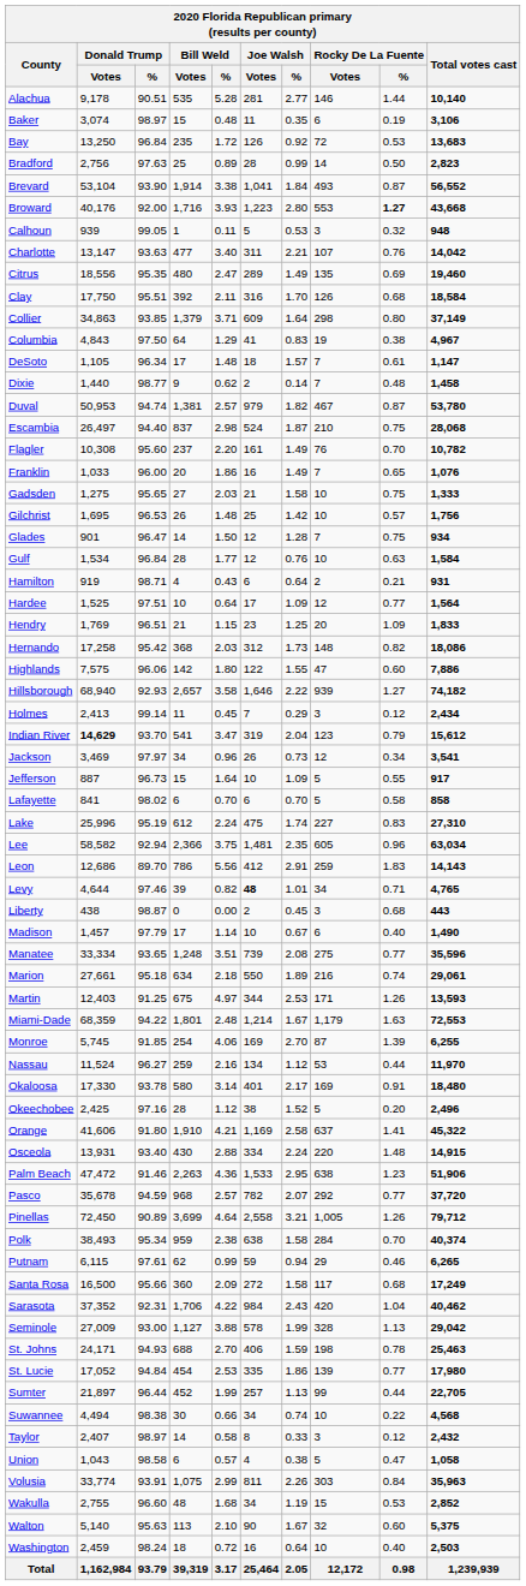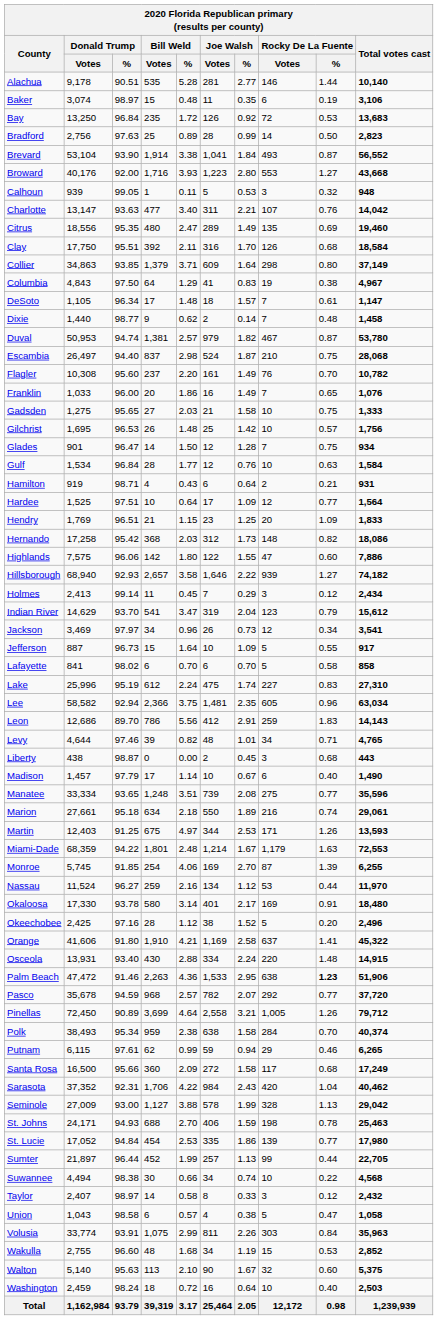 <table class="wikitable sortable mw-collapsible mw-collapsed">
 <tr>
 <th colspan="10"><small>2020 Florida Republican primary</small><br><small>(results per county)</small></th>
 </tr>
 <tr>
 <th rowspan="2"><small>County</small></th>
 <th colspan="2"><small>Donald Trump</small></th>
 <th colspan="2"><small>Bill Weld</small></th>
 <th colspan="2"><small>Joe Walsh</small></th>
 <th colspan="2"><small>Rocky De La Fuente</small></th>
 <th rowspan="2"><small>Total votes cast</small></th>
 </tr>
 <tr>
 <th><small>Votes</small></th>
 <th><small>%</small></th>
 <th><small>Votes</small></th>
 <th><small>%</small></th>
 <th><small>Votes</small></th>
 <th><small>%</small></th>
 <th><small>Votes</small></th>
 <th><small>%</small></th>
 </tr>
 <tr>
 <td><a href='#'><small>Alachua</small></a></td>
 <td><small>9,178</small></td>
 <td><small>90.51</small></td>
 <td><small>535</small></td>
 <td><small>5.28</small></td>
 <td><small>281</small></td>
 <td><small>2.77</small></td>
 <td><small>146</small></td>
 <td><small>1.44</small></td>
 <td><strong><small>10,140</small></strong></td>
 </tr>
 <tr>
 <td><a href='#'><small>Baker</small></a></td>
 <td><small>3,074</small></td>
 <td><small>98.97</small></td>
 <td><small>15</small></td>
 <td><small>0.48</small></td>
 <td><small>11</small></td>
 <td><small>0.35</small></td>
 <td><small>6</small></td>
 <td><small>0.19</small></td>
 <td><strong><small>3,106</small></strong></td>
 </tr>
 <tr>
 <td><a href='#'><small>Bay</small></a></td>
 <td><small>13,250</small></td>
 <td><small>96.84</small></td>
 <td><small>235</small></td>
 <td><small>1.72</small></td>
 <td><small>126</small></td>
 <td><small>0.92</small></td>
 <td><small>72</small></td>
 <td><small>0.53</small></td>
 <td><strong><small>13,683</small></strong></td>
 </tr>
 <tr>
 <td><a href='#'><small>Bradford</small></a></td>
 <td><small>2,756</small></td>
 <td><small>97.63</small></td>
 <td><small>25</small></td>
 <td><small>0.89</small></td>
 <td><small>28</small></td>
 <td><small>0.99</small></td>
 <td><small>14</small></td>
 <td><small>0.50</small></td>
 <td><strong><small>2,823</small></strong></td>
 </tr>
 <tr>
 <td><a href='#'><small>Brevard</small></a></td>
 <td><small>53,104</small></td>
 <td><small>93.90</small></td>
 <td><small>1,914</small></td>
 <td><small>3.38</small></td>
 <td><small>1,041</small></td>
 <td><small>1.84</small></td>
 <td><small>493</small></td>
 <td><small>0.87</small></td>
 <td><strong><small>56,552</small></strong></td>
 </tr>
 <tr>
 <td><a href='#'><small>Broward</small></a></td>
 <td><small>40,176</small></td>
 <td><small>92.00</small></td>
 <td><small>1,716</small></td>
 <td><small>3.93</small></td>
 <td><small>1,223</small></td>
 <td><small>2.80</small></td>
 <td><small>553</small></td>
-<td><strong><small>1.27</small></strong></td>
+<td><small>1.27</small></td>
 <td><strong><small>43,668</small></strong></td>
 </tr>
 <tr>
 <td><a href='#'><small>Calhoun</small></a></td>
 <td><small>939</small></td>
 <td><small>99.05</small></td>
 <td><small>1</small></td>
 <td><small>0.11</small></td>
 <td><small>5</small></td>
 <td><small>0.53</small></td>
 <td><small>3</small></td>
 <td><small>0.32</small></td>
 <td><strong><small>948</small></strong></td>
 </tr>
 <tr>
 <td><a href='#'><small>Charlotte</small></a></td>
 <td><small>13,147</small></td>
 <td><small>93.63</small></td>
 <td><small>477</small></td>
 <td><small>3.40</small></td>
 <td><small>311</small></td>
 <td><small>2.21</small></td>
 <td><small>107</small></td>
 <td><small>0.76</small></td>
 <td><strong><small>14,042</small></strong></td>
 </tr>
 <tr>
 <td><a href='#'><small>Citrus</small></a></td>
 <td><small>18,556</small></td>
 <td><small>95.35</small></td>
 <td><small>480</small></td>
 <td><small>2.47</small></td>
 <td><small>289</small></td>
 <td><small>1.49</small></td>
 <td><small>135</small></td>
 <td><small>0.69</small></td>
 <td><strong><small>19,460</small></strong></td>
 </tr>
 <tr>
 <td><a href='#'><small>Clay</small></a></td>
 <td><small>17,750</small></td>
 <td><small>95.51</small></td>
 <td><small>392</small></td>
 <td><small>2.11</small></td>
 <td><small>316</small></td>
 <td><small>1.70</small></td>
 <td><small>126</small></td>
 <td><small>0.68</small></td>
 <td><strong><small>18,584</small></strong></td>
 </tr>
 <tr>
 <td><a href='#'><small>Collier</small></a></td>
 <td><small>34,863</small></td>
 <td><small>93.85</small></td>
 <td><small>1,379</small></td>
 <td><small>3.71</small></td>
 <td><small>609</small></td>
 <td><small>1.64</small></td>
 <td><small>298</small></td>
 <td><small>0.80</small></td>
 <td><strong><small>37,149</small></strong></td>
 </tr>
 <tr>
 <td><a href='#'><small>Columbia</small></a></td>
 <td><small>4,843</small></td>
 <td><small>97.50</small></td>
 <td><small>64</small></td>
 <td><small>1.29</small></td>
 <td><small>41</small></td>
 <td><small>0.83</small></td>
 <td><small>19</small></td>
 <td><small>0.38</small></td>
 <td><strong><small>4,967</small></strong></td>
 </tr>
 <tr>
 <td><a href='#'><small>DeSoto</small></a></td>
 <td><small>1,105</small></td>
 <td><small>96.34</small></td>
 <td><small>17</small></td>
 <td><small>1.48</small></td>
 <td><small>18</small></td>
 <td><small>1.57</small></td>
 <td><small>7</small></td>
 <td><small>0.61</small></td>
 <td><strong><small>1,147</small></strong></td>
 </tr>
 <tr>
 <td><a href='#'><small>Dixie</small></a></td>
 <td><small>1,440</small></td>
 <td><small>98.77</small></td>
 <td><small>9</small></td>
 <td><small>0.62</small></td>
 <td><small>2</small></td>
 <td><small>0.14</small></td>
 <td><small>7</small></td>
 <td><small>0.48</small></td>
 <td><strong><small>1,458</small></strong></td>
 </tr>
 <tr>
 <td><a href='#'><small>Duval</small></a></td>
 <td><small>50,953</small></td>
 <td><small>94.74</small></td>
 <td><small>1,381</small></td>
 <td><small>2.57</small></td>
 <td><small>979</small></td>
 <td><small>1.82</small></td>
 <td><small>467</small></td>
 <td><small>0.87</small></td>
 <td><strong><small>53,780</small></strong></td>
 </tr>
 <tr>
 <td><a href='#'><small>Escambia</small></a></td>
 <td><small>26,497</small></td>
 <td><small>94.40</small></td>
 <td><small>837</small></td>
 <td><small>2.98</small></td>
 <td><small>524</small></td>
 <td><small>1.87</small></td>
 <td><small>210</small></td>
 <td><small>0.75</small></td>
 <td><strong><small>28,068</small></strong></td>
 </tr>
 <tr>
 <td><a href='#'><small>Flagler</small></a></td>
 <td><small>10,308</small></td>
 <td><small>95.60</small></td>
 <td><small>237</small></td>
 <td><small>2.20</small></td>
 <td><small>161</small></td>
 <td><small>1.49</small></td>
 <td><small>76</small></td>
 <td><small>0.70</small></td>
 <td><strong><small>10,782</small></strong></td>
 </tr>
 <tr>
 <td><a href='#'><small>Franklin</small></a></td>
 <td><small>1,033</small></td>
 <td><small>96.00</small></td>
 <td><small>20</small></td>
 <td><small>1.86</small></td>
 <td><small>16</small></td>
 <td><small>1.49</small></td>
 <td><small>7</small></td>
 <td><small>0.65</small></td>
 <td><strong><small>1,076</small></strong></td>
 </tr>
 <tr>
 <td><a href='#'><small>Gadsden</small></a></td>
 <td><small>1,275</small></td>
 <td><small>95.65</small></td>
 <td><small>27</small></td>
 <td><small>2.03</small></td>
 <td><small>21</small></td>
 <td><small>1.58</small></td>
 <td><small>10</small></td>
 <td><small>0.75</small></td>
 <td><strong><small>1,333</small></strong></td>
 </tr>
 <tr>
 <td><a href='#'><small>Gilchrist</small></a></td>
 <td><small>1,695</small></td>
 <td><small>96.53</small></td>
 <td><small>26</small></td>
 <td><small>1.48</small></td>
 <td><small>25</small></td>
 <td><small>1.42</small></td>
 <td><small>10</small></td>
 <td><small>0.57</small></td>
 <td><strong><small>1,756</small></strong></td>
 </tr>
 <tr>
 <td><a href='#'><small>Glades</small></a></td>
 <td><small>901</small></td>
 <td><small>96.47</small></td>
 <td><small>14</small></td>
 <td><small>1.50</small></td>
 <td><small>12</small></td>
 <td><small>1.28</small></td>
 <td><small>7</small></td>
 <td><small>0.75</small></td>
 <td><strong><small>934</small></strong></td>
 </tr>
 <tr>
 <td><a href='#'><small>Gulf</small></a></td>
 <td><small>1,534</small></td>
 <td><small>96.84</small></td>
 <td><small>28</small></td>
 <td><small>1.77</small></td>
 <td><small>12</small></td>
 <td><small>0.76</small></td>
 <td><small>10</small></td>
 <td><small>0.63</small></td>
 <td><strong><small>1,584</small></strong></td>
 </tr>
 <tr>
 <td><a href='#'><small>Hamilton</small></a></td>
 <td><small>919</small></td>
 <td><small>98.71</small></td>
 <td><small>4</small></td>
 <td><small>0.43</small></td>
 <td><small>6</small></td>
 <td><small>0.64</small></td>
 <td><small>2</small></td>
 <td><small>0.21</small></td>
 <td><strong><small>931</small></strong></td>
 </tr>
 <tr>
 <td><a href='#'><small>Hardee</small></a></td>
 <td><small>1,525</small></td>
 <td><small>97.51</small></td>
 <td><small>10</small></td>
 <td><small>0.64</small></td>
 <td><small>17</small></td>
 <td><small>1.09</small></td>
 <td><small>12</small></td>
 <td><small>0.77</small></td>
 <td><strong><small>1,564</small></strong></td>
 </tr>
 <tr>
 <td><a href='#'><small>Hendry</small></a></td>
 <td><small>1,769</small></td>
 <td><small>96.51</small></td>
 <td><small>21</small></td>
 <td><small>1.15</small></td>
 <td><small>23</small></td>
 <td><small>1.25</small></td>
 <td><small>20</small></td>
 <td><small>1.09</small></td>
 <td><strong><small>1,833</small></strong></td>
 </tr>
 <tr>
 <td><a href='#'><small>Hernando</small></a></td>
 <td><small>17,258</small></td>
 <td><small>95.42</small></td>
 <td><small>368</small></td>
 <td><small>2.03</small></td>
 <td><small>312</small></td>
 <td><small>1.73</small></td>
 <td><small>148</small></td>
 <td><small>0.82</small></td>
 <td><strong><small>18,086</small></strong></td>
 </tr>
 <tr>
 <td><a href='#'><small>Highlands</small></a></td>
 <td><small>7,575</small></td>
 <td><small>96.06</small></td>
 <td><small>142</small></td>
 <td><small>1.80</small></td>
 <td><small>122</small></td>
 <td><small>1.55</small></td>
 <td><small>47</small></td>
 <td><small>0.60</small></td>
 <td><strong><small>7,886</small></strong></td>
 </tr>
 <tr>
 <td><a href='#'><small>Hillsborough</small></a></td>
 <td><small>68,940</small></td>
 <td><small>92.93</small></td>
 <td><small>2,657</small></td>
 <td><small>3.58</small></td>
 <td><small>1,646</small></td>
 <td><small>2.22</small></td>
 <td><small>939</small></td>
 <td><small>1.27</small></td>
 <td><strong><small>74,182</small></strong></td>
 </tr>
 <tr>
 <td><a href='#'><small>Holmes</small></a></td>
 <td><small>2,413</small></td>
 <td><small>99.14</small></td>
 <td><small>11</small></td>
 <td><small>0.45</small></td>
 <td><small>7</small></td>
 <td><small>0.29</small></td>
 <td><small>3</small></td>
 <td><small>0.12</small></td>
 <td><strong><small>2,434</small></strong></td>
 </tr>
 <tr>
 <td><a href='#'><small>Indian River</small></a></td>
-<td><strong><small>14,629</small></strong></td>
+<td><small>14,629</small></td>
 <td><small>93.70</small></td>
 <td><small>541</small></td>
 <td><small>3.47</small></td>
 <td><small>319</small></td>
 <td><small>2.04</small></td>
 <td><small>123</small></td>
 <td><small>0.79</small></td>
 <td><strong><small>15,612</small></strong></td>
 </tr>
 <tr>
 <td><a href='#'><small>Jackson</small></a></td>
 <td><small>3,469</small></td>
 <td><small>97.97</small></td>
 <td><small>34</small></td>
 <td><small>0.96</small></td>
 <td><small>26</small></td>
 <td><small>0.73</small></td>
 <td><small>12</small></td>
 <td><small>0.34</small></td>
 <td><strong><small>3,541</small></strong></td>
 </tr>
 <tr>
 <td><a href='#'><small>Jefferson</small></a></td>
 <td><small>887</small></td>
 <td><small>96.73</small></td>
 <td><small>15</small></td>
 <td><small>1.64</small></td>
 <td><small>10</small></td>
 <td><small>1.09</small></td>
 <td><small>5</small></td>
 <td><small>0.55</small></td>
 <td><strong><small>917</small></strong></td>
 </tr>
 <tr>
 <td><a href='#'><small>Lafayette</small></a></td>
 <td><small>841</small></td>
 <td><small>98.02</small></td>
 <td><small>6</small></td>
 <td><small>0.70</small></td>
 <td><small>6</small></td>
 <td><small>0.70</small></td>
 <td><small>5</small></td>
 <td><small>0.58</small></td>
 <td><strong><small>858</small></strong></td>
 </tr>
 <tr>
 <td><a href='#'><small>Lake</small></a></td>
 <td><small>25,996</small></td>
 <td><small>95.19</small></td>
 <td><small>612</small></td>
 <td><small>2.24</small></td>
 <td><small>475</small></td>
 <td><small>1.74</small></td>
 <td><small>227</small></td>
 <td><small>0.83</small></td>
 <td><strong><small>27,310</small></strong></td>
 </tr>
 <tr>
 <td><a href='#'><small>Lee</small></a></td>
 <td><small>58,582</small></td>
 <td><small>92.94</small></td>
 <td><small>2,366</small></td>
 <td><small>3.75</small></td>
 <td><small>1,481</small></td>
 <td><small>2.35</small></td>
 <td><small>605</small></td>
 <td><small>0.96</small></td>
 <td><strong><small>63,034</small></strong></td>
 </tr>
 <tr>
 <td><a href='#'><small>Leon</small></a></td>
 <td><small>12,686</small></td>
 <td><small>89.70</small></td>
 <td><small>786</small></td>
 <td><small>5.56</small></td>
 <td><small>412</small></td>
 <td><small>2.91</small></td>
 <td><small>259</small></td>
 <td><small>1.83</small></td>
 <td><strong><small>14,143</small></strong></td>
 </tr>
 <tr>
 <td><a href='#'><small>Levy</small></a></td>
 <td><small>4,644</small></td>
 <td><small>97.46</small></td>
 <td><small>39</small></td>
 <td><small>0.82</small></td>
-<td><strong><small>48</small></strong></td>
+<td><small>48</small></td>
 <td><small>1.01</small></td>
 <td><small>34</small></td>
 <td><small>0.71</small></td>
 <td><strong><small>4,765</small></strong></td>
 </tr>
 <tr>
 <td><a href='#'><small>Liberty</small></a></td>
 <td><small>438</small></td>
 <td><small>98.87</small></td>
 <td><small>0</small></td>
 <td><small>0.00</small></td>
 <td><small>2</small></td>
 <td><small>0.45</small></td>
 <td><small>3</small></td>
 <td><small>0.68</small></td>
 <td><strong><small>443</small></strong></td>
 </tr>
 <tr>
 <td><a href='#'><small>Madison</small></a></td>
 <td><small>1,457</small></td>
 <td><small>97.79</small></td>
 <td><small>17</small></td>
 <td><small>1.14</small></td>
 <td><small>10</small></td>
 <td><small>0.67</small></td>
 <td><small>6</small></td>
 <td><small>0.40</small></td>
 <td><strong><small>1,490</small></strong></td>
 </tr>
 <tr>
 <td><a href='#'><small>Manatee</small></a></td>
 <td><small>33,334</small></td>
 <td><small>93.65</small></td>
 <td><small>1,248</small></td>
 <td><small>3.51</small></td>
 <td><small>739</small></td>
 <td><small>2.08</small></td>
 <td><small>275</small></td>
 <td><small>0.77</small></td>
 <td><strong><small>35,596</small></strong></td>
 </tr>
 <tr>
 <td><a href='#'><small>Marion</small></a></td>
 <td><small>27,661</small></td>
 <td><small>95.18</small></td>
 <td><small>634</small></td>
 <td><small>2.18</small></td>
 <td><small>550</small></td>
 <td><small>1.89</small></td>
 <td><small>216</small></td>
 <td><small>0.74</small></td>
 <td><strong><small>29,061</small></strong></td>
 </tr>
 <tr>
 <td><a href='#'><small>Martin</small></a></td>
 <td><small>12,403</small></td>
 <td><small>91.25</small></td>
 <td><small>675</small></td>
 <td><small>4.97</small></td>
 <td><small>344</small></td>
 <td><small>2.53</small></td>
 <td><small>171</small></td>
 <td><small>1.26</small></td>
 <td><strong><small>13,593</small></strong></td>
 </tr>
 <tr>
 <td><a href='#'><small>Miami-Dade</small></a></td>
 <td><small>68,359</small></td>
 <td><small>94.22</small></td>
 <td><small>1,801</small></td>
 <td><small>2.48</small></td>
 <td><small>1,214</small></td>
 <td><small>1.67</small></td>
 <td><small>1,179</small></td>
 <td><small>1.63</small></td>
 <td><strong><small>72,553</small></strong></td>
 </tr>
 <tr>
 <td><a href='#'><small>Monroe</small></a></td>
 <td><small>5,745</small></td>
 <td><small>91.85</small></td>
 <td><small>254</small></td>
 <td><small>4.06</small></td>
 <td><small>169</small></td>
 <td><small>2.70</small></td>
 <td><small>87</small></td>
 <td><small>1.39</small></td>
 <td><strong><small>6,255</small></strong></td>
 </tr>
 <tr>
 <td><a href='#'><small>Nassau</small></a></td>
 <td><small>11,524</small></td>
 <td><small>96.27</small></td>
 <td><small>259</small></td>
 <td><small>2.16</small></td>
 <td><small>134</small></td>
 <td><small>1.12</small></td>
 <td><small>53</small></td>
 <td><small>0.44</small></td>
 <td><strong><small>11,970</small></strong></td>
 </tr>
 <tr>
 <td><a href='#'><small>Okaloosa</small></a></td>
 <td><small>17,330</small></td>
 <td><small>93.78</small></td>
 <td><small>580</small></td>
 <td><small>3.14</small></td>
 <td><small>401</small></td>
 <td><small>2.17</small></td>
 <td><small>169</small></td>
 <td><small>0.91</small></td>
 <td><strong><small>18,480</small></strong></td>
 </tr>
 <tr>
 <td><a href='#'><small>Okeechobee</small></a></td>
 <td><small>2,425</small></td>
 <td><small>97.16</small></td>
 <td><small>28</small></td>
 <td><small>1.12</small></td>
 <td><small>38</small></td>
 <td><small>1.52</small></td>
 <td><small>5</small></td>
 <td><small>0.20</small></td>
 <td><strong><small>2,496</small></strong></td>
 </tr>
 <tr>
 <td><a href='#'><small>Orange</small></a></td>
 <td><small>41,606</small></td>
 <td><small>91.80</small></td>
 <td><small>1,910</small></td>
 <td><small>4.21</small></td>
 <td><small>1,169</small></td>
 <td><small>2.58</small></td>
 <td><small>637</small></td>
 <td><small>1.41</small></td>
 <td><strong><small>45,322</small></strong></td>
 </tr>
 <tr>
 <td><a href='#'><small>Osceola</small></a></td>
 <td><small>13,931</small></td>
 <td><small>93.40</small></td>
 <td><small>430</small></td>
 <td><small>2.88</small></td>
 <td><small>334</small></td>
 <td><small>2.24</small></td>
 <td><small>220</small></td>
 <td><small>1.48</small></td>
 <td><strong><small>14,915</small></strong></td>
 </tr>
 <tr>
 <td><a href='#'><small>Palm Beach</small></a></td>
 <td><small>47,472</small></td>
 <td><small>91.46</small></td>
 <td><small>2,263</small></td>
 <td><small>4.36</small></td>
 <td><small>1,533</small></td>
 <td><small>2.95</small></td>
 <td><small>638</small></td>
-<td><small>1.23</small></td>
+<td><strong><small>1.23</small></strong></td>
 <td><strong><small>51,906</small></strong></td>
 </tr>
 <tr>
 <td><a href='#'><small>Pasco</small></a></td>
 <td><small>35,678</small></td>
 <td><small>94.59</small></td>
 <td><small>968</small></td>
 <td><small>2.57</small></td>
 <td><small>782</small></td>
 <td><small>2.07</small></td>
 <td><small>292</small></td>
 <td><small>0.77</small></td>
 <td><strong><small>37,720</small></strong></td>
 </tr>
 <tr>
 <td><a href='#'><small>Pinellas</small></a></td>
 <td><small>72,450</small></td>
 <td><small>90.89</small></td>
 <td><small>3,699</small></td>
 <td><small>4.64</small></td>
 <td><small>2,558</small></td>
 <td><small>3.21</small></td>
 <td><small>1,005</small></td>
 <td><small>1.26</small></td>
 <td><strong><small>79,712</small></strong></td>
 </tr>
 <tr>
 <td><a href='#'><small>Polk</small></a></td>
 <td><small>38,493</small></td>
 <td><small>95.34</small></td>
 <td><small>959</small></td>
 <td><small>2.38</small></td>
 <td><small>638</small></td>
 <td><small>1.58</small></td>
 <td><small>284</small></td>
 <td><small>0.70</small></td>
 <td><strong><small>40,374</small></strong></td>
 </tr>
 <tr>
 <td><a href='#'><small>Putnam</small></a></td>
 <td><small>6,115</small></td>
 <td><small>97.61</small></td>
 <td><small>62</small></td>
 <td><small>0.99</small></td>
 <td><small>59</small></td>
 <td><small>0.94</small></td>
 <td><small>29</small></td>
 <td><small>0.46</small></td>
 <td><strong><small>6,265</small></strong></td>
 </tr>
 <tr>
 <td><a href='#'><small>Santa Rosa</small></a></td>
 <td><small>16,500</small></td>
 <td><small>95.66</small></td>
 <td><small>360</small></td>
 <td><small>2.09</small></td>
 <td><small>272</small></td>
 <td><small>1.58</small></td>
 <td><small>117</small></td>
 <td><small>0.68</small></td>
 <td><strong><small>17,249</small></strong></td>
 </tr>
 <tr>
 <td><a href='#'><small>Sarasota</small></a></td>
 <td><small>37,352</small></td>
 <td><small>92.31</small></td>
 <td><small>1,706</small></td>
 <td><small>4.22</small></td>
 <td><small>984</small></td>
 <td><small>2.43</small></td>
 <td><small>420</small></td>
 <td><small>1.04</small></td>
 <td><strong><small>40,462</small></strong></td>
 </tr>
 <tr>
 <td><a href='#'><small>Seminole</small></a></td>
 <td><small>27,009</small></td>
 <td><small>93.00</small></td>
 <td><small>1,127</small></td>
 <td><small>3.88</small></td>
 <td><small>578</small></td>
 <td><small>1.99</small></td>
 <td><small>328</small></td>
 <td><small>1.13</small></td>
 <td><strong><small>29,042</small></strong></td>
 </tr>
 <tr>
 <td><a href='#'><small>St. Johns</small></a></td>
 <td><small>24,171</small></td>
 <td><small>94.93</small></td>
 <td><small>688</small></td>
 <td><small>2.70</small></td>
 <td><small>406</small></td>
 <td><small>1.59</small></td>
 <td><small>198</small></td>
 <td><small>0.78</small></td>
 <td><strong><small>25,463</small></strong></td>
 </tr>
 <tr>
 <td><a href='#'><small>St. Lucie</small></a></td>
 <td><small>17,052</small></td>
 <td><small>94.84</small></td>
 <td><small>454</small></td>
 <td><small>2.53</small></td>
 <td><small>335</small></td>
 <td><small>1.86</small></td>
 <td><small>139</small></td>
 <td><small>0.77</small></td>
 <td><strong><small>17,980</small></strong></td>
 </tr>
 <tr>
 <td><a href='#'><small>Sumter</small></a></td>
 <td><small>21,897</small></td>
 <td><small>96.44</small></td>
 <td><small>452</small></td>
 <td><small>1.99</small></td>
 <td><small>257</small></td>
 <td><small>1.13</small></td>
 <td><small>99</small></td>
 <td><small>0.44</small></td>
 <td><strong><small>22,705</small></strong></td>
 </tr>
 <tr>
 <td><a href='#'><small>Suwannee</small></a></td>
 <td><small>4,494</small></td>
 <td><small>98.38</small></td>
 <td><small>30</small></td>
 <td><small>0.66</small></td>
 <td><small>34</small></td>
 <td><small>0.74</small></td>
 <td><small>10</small></td>
 <td><small>0.22</small></td>
 <td><strong><small>4,568</small></strong></td>
 </tr>
 <tr>
 <td><a href='#'><small>Taylor</small></a></td>
 <td><small>2,407</small></td>
 <td><small>98.97</small></td>
 <td><small>14</small></td>
 <td><small>0.58</small></td>
 <td><small>8</small></td>
 <td><small>0.33</small></td>
 <td><small>3</small></td>
 <td><small>0.12</small></td>
 <td><strong><small>2,432</small></strong></td>
 </tr>
 <tr>
 <td><a href='#'><small>Union</small></a></td>
 <td><small>1,043</small></td>
 <td><small>98.58</small></td>
 <td><small>6</small></td>
 <td><small>0.57</small></td>
 <td><small>4</small></td>
 <td><small>0.38</small></td>
 <td><small>5</small></td>
 <td><small>0.47</small></td>
 <td><strong><small>1,058</small></strong></td>
 </tr>
 <tr>
 <td><a href='#'><small>Volusia</small></a></td>
 <td><small>33,774</small></td>
 <td><small>93.91</small></td>
 <td><small>1,075</small></td>
 <td><small>2.99</small></td>
 <td><small>811</small></td>
 <td><small>2.26</small></td>
 <td><small>303</small></td>
 <td><small>0.84</small></td>
 <td><strong><small>35,963</small></strong></td>
 </tr>
 <tr>
 <td><a href='#'><small>Wakulla</small></a></td>
 <td><small>2,755</small></td>
 <td><small>96.60</small></td>
 <td><small>48</small></td>
 <td><small>1.68</small></td>
 <td><small>34</small></td>
 <td><small>1.19</small></td>
 <td><small>15</small></td>
 <td><small>0.53</small></td>
 <td><strong><small>2,852</small></strong></td>
 </tr>
 <tr>
 <td><a href='#'><small>Walton</small></a></td>
 <td><small>5,140</small></td>
 <td><small>95.63</small></td>
 <td><small>113</small></td>
 <td><small>2.10</small></td>
 <td><small>90</small></td>
 <td><small>1.67</small></td>
 <td><small>32</small></td>
 <td><small>0.60</small></td>
 <td><strong><small>5,375</small></strong></td>
 </tr>
 <tr>
 <td><a href='#'><small>Washington</small></a></td>
 <td><small>2,459</small></td>
 <td><small>98.24</small></td>
 <td><small>18</small></td>
 <td><small>0.72</small></td>
 <td><small>16</small></td>
 <td><small>0.64</small></td>
 <td><small>10</small></td>
 <td><small>0.40</small></td>
 <td><strong><small>2,503</small></strong></td>
 </tr>
 <tr>
 <th><small><strong>Total</strong></small></th>
 <th><strong><small>1,162,984</small></strong></th>
 <th><small><strong>93.79</strong></small></th>
 <th><strong><small>39,319</small></strong></th>
 <th><small><strong>3.17</strong></small></th>
 <th><strong><small>25,464</small></strong></th>
 <th><small><strong>2.05</strong></small></th>
 <th><strong><small>12,172</small></strong></th>
 <th><small><strong>0.98</strong></small></th>
 <th><strong><small>1,239,939</small></strong></th>
 </tr>
 </table>
